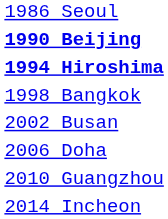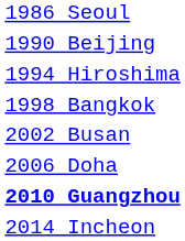 <table>
 <tr>
 <td><a href='#'>1986 Seoul</a></td>
 <td></td>
 <td></td>
 <td></td>
 </tr>
 <tr>
-<td><strong><a href='#'>1990 Beijing</a></strong></td>
+<td><a href='#'>1990 Beijing</a></td>
 <td></td>
 <td></td>
 <td></td>
 </tr>
 <tr>
-<td><strong><a href='#'>1994 Hiroshima</a></strong></td>
+<td><a href='#'>1994 Hiroshima</a></td>
 <td></td>
 <td></td>
 <td></td>
 </tr>
 <tr>
 <td><a href='#'>1998 Bangkok</a></td>
 <td></td>
 <td></td>
 <td></td>
 </tr>
 <tr>
 <td><a href='#'>2002 Busan</a></td>
 <td></td>
 <td></td>
 <td></td>
 </tr>
 <tr>
 <td><a href='#'>2006 Doha</a></td>
 <td></td>
 <td></td>
 <td></td>
 </tr>
 <tr>
-<td><a href='#'>2010 Guangzhou</a></td>
+<td><strong><a href='#'>2010 Guangzhou</a></strong></td>
 <td></td>
 <td></td>
 <td></td>
 </tr>
 <tr>
 <td><a href='#'>2014 Incheon</a></td>
 <td></td>
 <td></td>
 <td></td>
 </tr>
 </table>
